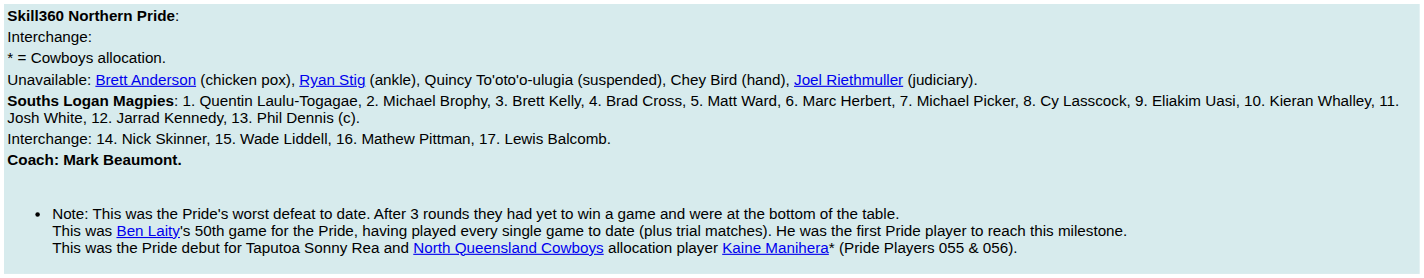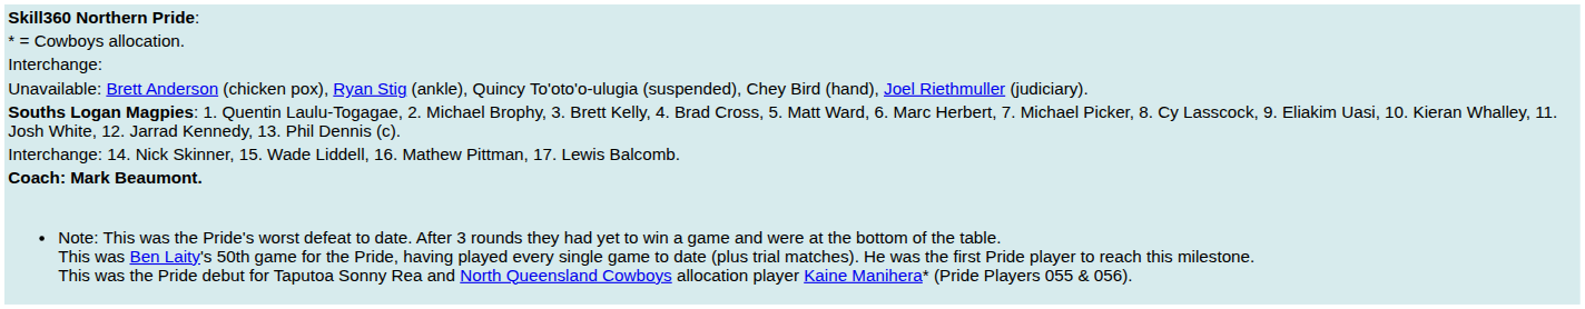 <table style="background:#d7ebed; font-size:85%; width:100%;">
 <tr>
 <td><strong>Skill360 Northern Pride</strong>:             </td>
 </tr>
 <tr>
-<td>Interchange:    </td>
+<td>* = Cowboys allocation.</td>
 </tr>
 <tr>
-<td>* = Cowboys allocation.</td>
+<td>Interchange:    </td>
 </tr>
 <tr>
 <td>Unavailable: <a href='#'>Brett Anderson</a> (chicken pox), <a href='#'>Ryan Stig</a> (ankle), Quincy To'oto'o-ulugia (suspended), Chey Bird (hand), <a href='#'>Joel Riethmuller</a> (judiciary).</td>
 </tr>
 <tr>
 <td><strong>Souths Logan Magpies</strong>: 1. Quentin Laulu-Togagae, 2. Michael Brophy, 3. Brett Kelly, 4. Brad Cross, 5. Matt Ward, 6. Marc Herbert, 7. Michael Picker, 8. Cy Lasscock, 9. Eliakim Uasi, 10. Kieran Whalley, 11. Josh White, 12. Jarrad Kennedy, 13. Phil Dennis (c).</td>
 </tr>
 <tr>
 <td>Interchange: 14. Nick Skinner, 15. Wade Liddell, 16. Mathew Pittman, 17. Lewis Balcomb.</td>
 </tr>
 <tr>
 <td><strong>Coach: Mark Beaumont.</strong></td>
 </tr>
 <tr>
 <td><br><ul><li>Note: This was the Pride's worst defeat to date. After 3 rounds they had yet to win a game and were at the bottom of the table.<br>This was <a href='#'>Ben Laity</a>'s 50th game for the Pride, having played every single game to date (plus trial matches). He was the first Pride player to reach this milestone.<br>This was the Pride debut for Taputoa Sonny Rea  and <a href='#'>North Queensland Cowboys</a> allocation player <a href='#'>Kaine Manihera</a>* (Pride Players 055 & 056).</li></ul></td>
 </tr>
 </table>
